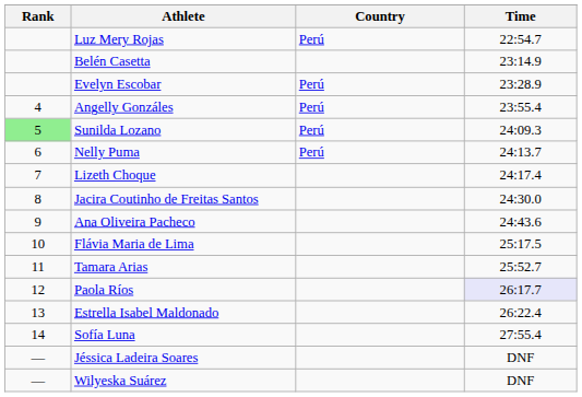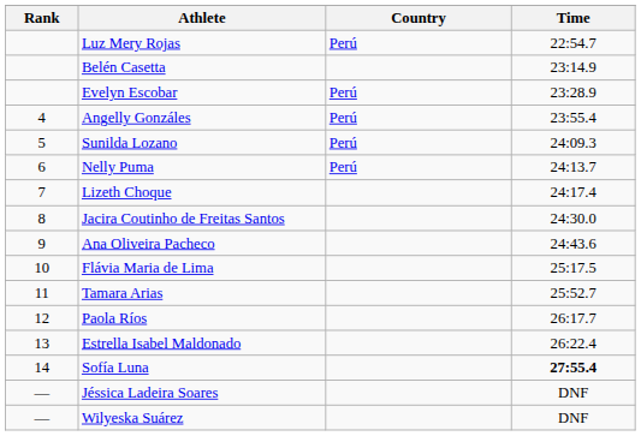 <table class="wikitable sortable" style=" text-align:center; font-size:95%;" width="50%">
 <tr>
 </tr>
 <tr>
 <th width=5%>Rank</th>
 <th width=20%>Athlete</th>
 <th width=15%>Country</th>
 <th width=10%>Time</th>
 </tr>
 <tr>
 <td align=center></td>
 <td align=left><a href='#'>Luz Mery Rojas</a></td>
 <td align=left> <a href='#'>Perú</a></td>
 <td>22:54.7</td>
 </tr>
 <tr>
 <td align=center></td>
 <td align=left><a href='#'>Belén Casetta</a></td>
 <td align=left></td>
 <td>23:14.9</td>
 </tr>
 <tr>
 <td align=center></td>
 <td align=left><a href='#'>Evelyn Escobar</a></td>
 <td align=left> <a href='#'>Perú</a></td>
 <td>23:28.9</td>
 </tr>
 <tr>
 <td align=center>4</td>
 <td align=left><a href='#'>Angelly Gonzáles</a></td>
 <td align=left> <a href='#'>Perú</a></td>
 <td>23:55.4</td>
 </tr>
 <tr>
-<td align=center style="background: lightgreen;">5</td>
+<td align=center>5</td>
 <td align=left><a href='#'>Sunilda Lozano</a></td>
 <td align=left> <a href='#'>Perú</a></td>
 <td>24:09.3</td>
 </tr>
 <tr>
 <td align=center>6</td>
 <td align=left><a href='#'>Nelly Puma</a></td>
 <td align=left> <a href='#'>Perú</a></td>
 <td>24:13.7</td>
 </tr>
 <tr>
 <td align=center>7</td>
 <td align=left><a href='#'>Lizeth Choque</a></td>
 <td align=left></td>
 <td>24:17.4</td>
 </tr>
 <tr>
 <td align=center>8</td>
 <td align=left><a href='#'>Jacira Coutinho de Freitas Santos</a></td>
 <td align=left></td>
 <td>24:30.0</td>
 </tr>
 <tr>
 <td align=center>9</td>
 <td align=left><a href='#'>Ana Oliveira Pacheco</a></td>
 <td align=left></td>
 <td>24:43.6</td>
 </tr>
 <tr>
 <td align=center>10</td>
 <td align=left><a href='#'>Flávia Maria de Lima</a></td>
 <td align=left></td>
 <td>25:17.5</td>
 </tr>
 <tr>
 <td align=center>11</td>
 <td align=left><a href='#'>Tamara Arias</a></td>
 <td align=left></td>
 <td>25:52.7</td>
 </tr>
 <tr>
 <td align=center>12</td>
 <td align=left><a href='#'>Paola Ríos</a></td>
 <td align=left></td>
-<td style="background: lavender;">26:17.7</td>
+<td>26:17.7</td>
 </tr>
 <tr>
 <td align=center>13</td>
 <td align=left><a href='#'>Estrella Isabel Maldonado</a></td>
 <td align=left></td>
 <td>26:22.4</td>
 </tr>
 <tr>
 <td align=center>14</td>
 <td align=left><a href='#'>Sofía Luna</a></td>
 <td align=left></td>
-<td>27:55.4</td>
+<td><strong>27:55.4</strong></td>
 </tr>
 <tr>
 <td align=center>—</td>
 <td align=left><a href='#'>Jéssica Ladeira Soares</a></td>
 <td align=left></td>
 <td>DNF</td>
 </tr>
 <tr>
 <td align=center>—</td>
 <td align=left><a href='#'>Wilyeska Suárez</a></td>
 <td align=left></td>
 <td>DNF</td>
 </tr>
 </table>
